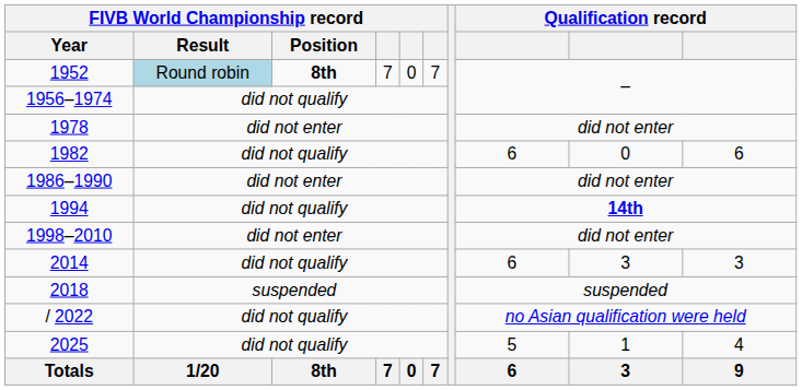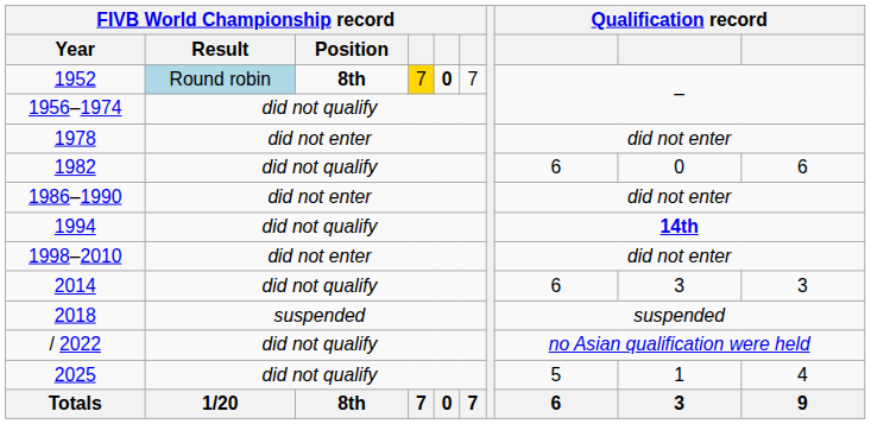 <table class="wikitable" style="text-align: center;">
 <tr>
 <th colspan=6><a href='#'>FIVB World Championship</a> record</th>
 <th style="width:1%;" rowspan="25"></th>
 <th colspan=3><a href='#'>Qualification</a> record</th>
 </tr>
 <tr>
 <th>Year</th>
 <th>Result</th>
 <th>Position</th>
 <th></th>
 <th></th>
 <th></th>
 <th></th>
 <th></th>
 <th></th>
 </tr>
 <tr>
 <td> <a href='#'>1952</a></td>
 <td style="background: lightblue;">Round robin</td>
 <td><strong>8th</strong></td>
-<td>7</td>
-<td>0</td>
+<td style="background: gold;">7</td>
+<td><strong>0</strong></td>
 <td>7</td>
 <td colspan=3 rowspan=2><em>–</em></td>
 </tr>
 <tr>
 <td> <a href='#'>1956</a>–<a href='#'>1974</a> </td>
 <td colspan=6><em>did not qualify</em></td>
 </tr>
 <tr>
 <td> <a href='#'>1978</a></td>
 <td colspan=6><em>did not enter</em></td>
 <td colspan=3><em>did not enter</em></td>
 </tr>
 <tr>
 <td> <a href='#'>1982</a></td>
 <td colspan=6><em>did not qualify</em></td>
 <td>6</td>
 <td>0</td>
 <td>6</td>
 </tr>
 <tr>
 <td> <a href='#'>1986</a>–<a href='#'>1990</a> </td>
 <td colspan=6><em>did not enter</em></td>
 <td colspan=3><em>did not enter</em></td>
 </tr>
 <tr>
 <td> <a href='#'>1994</a></td>
 <td colspan=6><em>did not qualify</em></td>
 <td colspan=3><strong><a href='#'>14th</a></strong></td>
 </tr>
 <tr>
 <td> <a href='#'>1998</a>–<a href='#'>2010</a> </td>
 <td colspan=6><em>did not enter</em></td>
 <td colspan=3><em>did not enter</em></td>
 </tr>
 <tr>
 <td> <a href='#'>2014</a></td>
 <td colspan=6><em>did not qualify</em></td>
 <td>6</td>
 <td>3</td>
 <td>3</td>
 </tr>
 <tr>
 <td> <a href='#'>2018</a></td>
 <td colspan=6><em>suspended</em></td>
 <td colspan=3><em>suspended</em></td>
 </tr>
 <tr>
 <td>/ <a href='#'>2022</a></td>
 <td colspan=6><em>did not qualify</em></td>
 <td colspan=3><em><a href='#'>no Asian qualification were held</a></em></td>
 </tr>
 <tr>
 <td> <a href='#'>2025</a></td>
 <td colspan=6><em>did not qualify</em></td>
 <td>5</td>
 <td>1</td>
 <td>4</td>
 </tr>
 <tr>
 <th>Totals</th>
 <th>1/20</th>
 <th>8th</th>
 <th>7</th>
 <th>0</th>
 <th>7</th>
 <th>6</th>
 <th>3</th>
 <th>9</th>
 </tr>
 </table>
